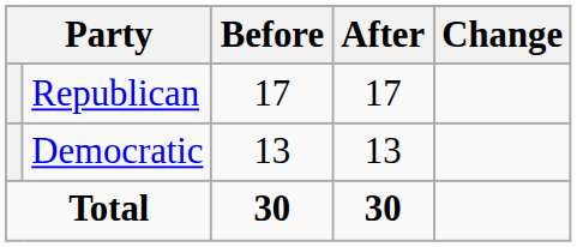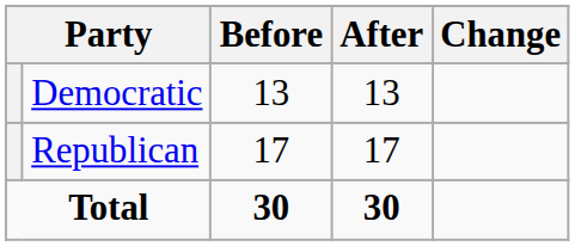 <table class="wikitable" style="text-align:center;">
 <tr>
 </tr>
 <tr>
 <th colspan=2>Party</th>
 <th>Before</th>
 <th>After</th>
 <th>Change</th>
 </tr>
 <tr>
 <th style="background-color:"></th>
-<td style="text-align:left;"><a href='#'>Republican</a></td>
-<td>17</td>
-<td>17</td>
+<td style="text-align:left;"><a href='#'>Democratic</a></td>
+<td>13</td>
+<td>13</td>
 <td></td>
 </tr>
 <tr>
 <th style="background-color:"></th>
-<td style="text-align:left;"><a href='#'>Democratic</a></td>
-<td>13</td>
-<td>13</td>
+<td style="text-align:left;"><a href='#'>Republican</a></td>
+<td>17</td>
+<td>17</td>
 <td></td>
 </tr>
 <tr>
 <td colspan=2><strong>Total</strong></td>
 <td><strong>30</strong></td>
 <td><strong>30</strong></td>
 <td></td>
 </tr>
 </table>
